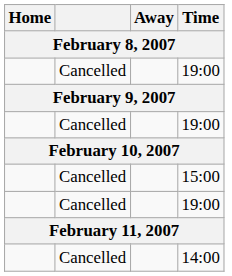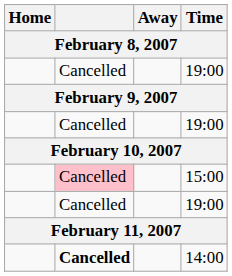 <table class="wikitable">
 <tr>
 <th>Home</th>
 <th></th>
 <th>Away</th>
 <th>Time</th>
 </tr>
 <tr>
 <th colspan="7">February 8, 2007</th>
 </tr>
 <tr>
 <td></td>
 <td>Cancelled</td>
 <td></td>
 <td>19:00</td>
 </tr>
 <tr>
 <th colspan="7">February 9, 2007</th>
 </tr>
 <tr>
 <td></td>
 <td>Cancelled</td>
 <td></td>
 <td>19:00</td>
 </tr>
 <tr>
 <th colspan="7">February 10, 2007</th>
 </tr>
 <tr>
 <td></td>
-<td>Cancelled</td>
+<td style="background: pink;">Cancelled</td>
 <td></td>
 <td>15:00</td>
 </tr>
 <tr>
 <td></td>
 <td>Cancelled</td>
 <td></td>
 <td>19:00</td>
 </tr>
 <tr>
 <th colspan="7">February 11, 2007</th>
 </tr>
 <tr>
 <td></td>
-<td>Cancelled</td>
+<td><strong>Cancelled</strong></td>
 <td></td>
 <td>14:00</td>
 </tr>
 </table>
